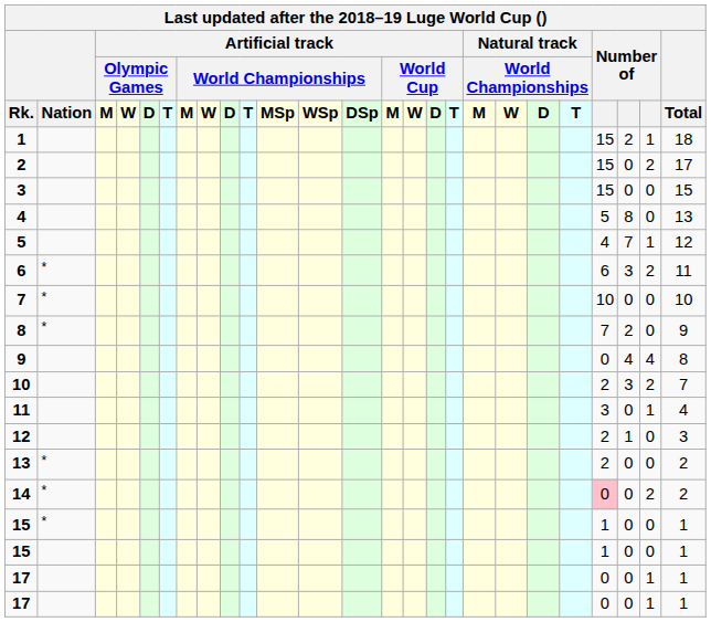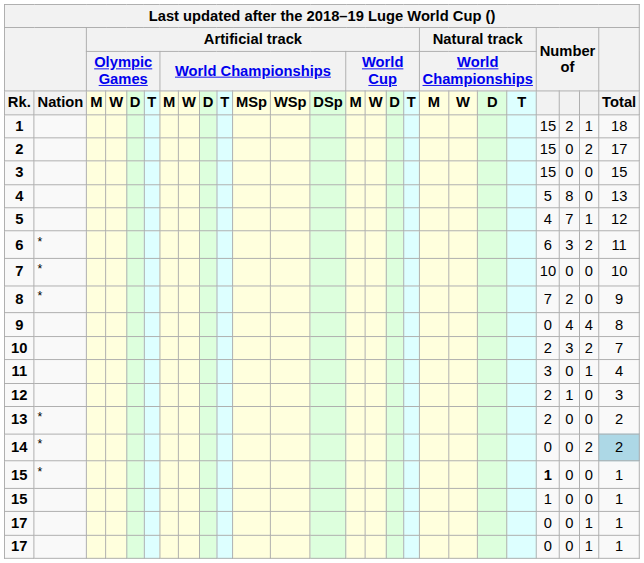 <table class="wikitable" style="margin-top: 0em; text-align: center; font-size: 100%;">
 <tr>
 <th colspan="25">Last updated after the 2018–19 Luge World Cup ()</th>
 </tr>
 <tr>
 <th rowspan="2" colspan="2"></th>
 <th colspan="15">Artificial track</th>
 <th colspan="4">Natural track</th>
 <th rowspan="2" colspan="3">Number of</th>
 <th rowspan="2"></th>
 </tr>
 <tr>
 <th colspan="4"><a href='#'>Olympic Games</a></th>
 <th colspan="7"><a href='#'>World Championships</a></th>
 <th colspan="4"><a href='#'>World Cup</a></th>
 <th colspan="4"><a href='#'>World Championships</a></th>
 </tr>
 <tr>
 <th style="width: 1em;">Rk.</th>
 <th>Nation</th>
 <th style="background: #ffd; width: 1em;">M</th>
 <th style="background: #ffd; width: 1em;">W</th>
 <th style="background: #dfd; width: 1em;">D</th>
 <th style="background: #dff; width: 1em;">T</th>
 <th style="background: #ffd; width: 1em;">M</th>
 <th style="background: #ffd; width: 1em;">W</th>
 <th style="background: #dfd; width: 1em;">D</th>
 <th style="background: #dff; width: 1em;">T</th>
 <th style="background: #ffd; width: 1em;">MSp</th>
 <th style="background: #ffd; width: 1em;">WSp</th>
 <th style="background: #dfd; width: 1em;">DSp</th>
 <th style="background: #ffd; width: 1em;">M</th>
 <th style="background: #ffd; width: 1em;">W</th>
 <th style="background: #dfd; width: 1em;">D</th>
 <th style="background: #dff; width: 1em;">T</th>
 <th style="background: #ffd; width: 1em;">M</th>
 <th style="background: #ffd; width: 1em;">W</th>
 <th style="background: #dfd; width: 1em;">D</th>
 <th style="background: #dff; width: 1em;">T</th>
 <th style="width: 1em;"></th>
 <th style="width: 1em;"></th>
 <th style="width: 1em;"></th>
 <th style="width: 1em;">Total</th>
 </tr>
 <tr>
 <td><strong>1</strong></td>
 <td style="text-align: left;"></td>
 <td style="background: #ffd;"></td>
 <td style="background: #ffd;"></td>
 <td style="background: #dfd;"></td>
 <td style="background: #dff;"></td>
 <td style="background: #ffd;"></td>
 <td style="background: #ffd;"></td>
 <td style="background: #dfd;"></td>
 <td style="background: #dff;"></td>
 <td style="background: #ffd;"></td>
 <td style="background: #ffd;"></td>
 <td style="background: #dfd;"></td>
 <td style="background: #ffd;"></td>
 <td style="background: #ffd;"></td>
 <td style="background: #dfd;"></td>
 <td style="background: #dff;"></td>
 <td style="background: #ffd;"></td>
 <td style="background: #ffd;"></td>
 <td style="background: #dfd;"></td>
 <td style="background: #dff;"></td>
 <td>15</td>
 <td>2</td>
 <td>1</td>
 <td>18</td>
 </tr>
 <tr>
 <td><strong>2</strong></td>
 <td style="text-align: left;"></td>
 <td style="background: #ffd;"></td>
 <td style="background: #ffd;"></td>
 <td style="background: #dfd;"></td>
 <td style="background: #dff;"></td>
 <td style="background: #ffd;"></td>
 <td style="background: #ffd;"></td>
 <td style="background: #dfd;"></td>
 <td style="background: #dff;"></td>
 <td style="background: #ffd;"></td>
 <td style="background: #ffd;"></td>
 <td style="background: #dfd;"></td>
 <td style="background: #ffd;"></td>
 <td style="background: #ffd;"></td>
 <td style="background: #dfd;"></td>
 <td style="background: #dff;"></td>
 <td style="background: #ffd;"></td>
 <td style="background: #ffd;"></td>
 <td style="background: #dfd;"></td>
 <td style="background: #dff;"></td>
 <td>15</td>
 <td>0</td>
 <td>2</td>
 <td>17</td>
 </tr>
 <tr>
 <td><strong>3</strong></td>
 <td style="text-align: left;"></td>
 <td style="background: #ffd;"></td>
 <td style="background: #ffd;"></td>
 <td style="background: #dfd;"></td>
 <td style="background: #dff;"></td>
 <td style="background: #ffd;"></td>
 <td style="background: #ffd;"></td>
 <td style="background: #dfd;"></td>
 <td style="background: #dff;"></td>
 <td style="background: #ffd;"></td>
 <td style="background: #ffd;"></td>
 <td style="background: #dfd;"></td>
 <td style="background: #ffd;"></td>
 <td style="background: #ffd;"></td>
 <td style="background: #dfd;"></td>
 <td style="background: #dff;"></td>
 <td style="background: #ffd;"></td>
 <td style="background: #ffd;"></td>
 <td style="background: #dfd;"></td>
 <td style="background: #dff;"></td>
 <td>15</td>
 <td>0</td>
 <td>0</td>
 <td>15</td>
 </tr>
 <tr>
 <td><strong>4</strong></td>
 <td style="text-align: left;"></td>
 <td style="background: #ffd;"></td>
 <td style="background: #ffd;"></td>
 <td style="background: #dfd;"></td>
 <td style="background: #dff;"></td>
 <td style="background: #ffd;"></td>
 <td style="background: #ffd;"></td>
 <td style="background: #dfd;"></td>
 <td style="background: #dff;"></td>
 <td style="background: #ffd;"></td>
 <td style="background: #ffd;"></td>
 <td style="background: #dfd;"></td>
 <td style="background: #ffd;"></td>
 <td style="background: #ffd;"></td>
 <td style="background: #dfd;"></td>
 <td style="background: #dff;"></td>
 <td style="background: #ffd;"></td>
 <td style="background: #ffd;"></td>
 <td style="background: #dfd;"></td>
 <td style="background: #dff;"></td>
 <td>5</td>
 <td>8</td>
 <td>0</td>
 <td>13</td>
 </tr>
 <tr>
 <td><strong>5</strong></td>
 <td style="text-align: left;"></td>
 <td style="background: #ffd;"></td>
 <td style="background: #ffd;"></td>
 <td style="background: #dfd;"></td>
 <td style="background: #dff;"></td>
 <td style="background: #ffd;"></td>
 <td style="background: #ffd;"></td>
 <td style="background: #dfd;"></td>
 <td style="background: #dff;"></td>
 <td style="background: #ffd;"></td>
 <td style="background: #ffd;"></td>
 <td style="background: #dfd;"></td>
 <td style="background: #ffd;"></td>
 <td style="background: #ffd;"></td>
 <td style="background: #dfd;"></td>
 <td style="background: #dff;"></td>
 <td style="background: #ffd;"></td>
 <td style="background: #ffd;"></td>
 <td style="background: #dfd;"></td>
 <td style="background: #dff;"></td>
 <td>4</td>
 <td>7</td>
 <td>1</td>
 <td>12</td>
 </tr>
 <tr>
 <td><strong>6</strong></td>
 <td style="text-align: left;"><em></em><sup>*</sup></td>
 <td style="background: #ffd;"></td>
 <td style="background: #ffd;"></td>
 <td style="background: #dfd;"></td>
 <td style="background: #dff;"></td>
 <td style="background: #ffd;"></td>
 <td style="background: #ffd;"></td>
 <td style="background: #dfd;"></td>
 <td style="background: #dff;"></td>
 <td style="background: #ffd;"></td>
 <td style="background: #ffd;"></td>
 <td style="background: #dfd;"></td>
 <td style="background: #ffd;"></td>
 <td style="background: #ffd;"></td>
 <td style="background: #dfd;"></td>
 <td style="background: #dff;"></td>
 <td style="background: #ffd;"></td>
 <td style="background: #ffd;"></td>
 <td style="background: #dfd;"></td>
 <td style="background: #dff;"></td>
 <td>6</td>
 <td>3</td>
 <td>2</td>
 <td>11</td>
 </tr>
 <tr>
 <td><strong>7</strong></td>
 <td style="text-align: left;"><em></em><sup>*</sup></td>
 <td style="background: #ffd;"></td>
 <td style="background: #ffd;"></td>
 <td style="background: #dfd;"></td>
 <td style="background: #dff;"></td>
 <td style="background: #ffd;"></td>
 <td style="background: #ffd;"></td>
 <td style="background: #dfd;"></td>
 <td style="background: #dff;"></td>
 <td style="background: #ffd;"></td>
 <td style="background: #ffd;"></td>
 <td style="background: #dfd;"></td>
 <td style="background: #ffd;"></td>
 <td style="background: #ffd;"></td>
 <td style="background: #dfd;"></td>
 <td style="background: #dff;"></td>
 <td style="background: #ffd;"></td>
 <td style="background: #ffd;"></td>
 <td style="background: #dfd;"></td>
 <td style="background: #dff;"></td>
 <td>10</td>
 <td>0</td>
 <td>0</td>
 <td>10</td>
 </tr>
 <tr>
 <td><strong>8</strong></td>
 <td style="text-align: left;"><em></em><sup>*</sup></td>
 <td style="background: #ffd;"></td>
 <td style="background: #ffd;"></td>
 <td style="background: #dfd;"></td>
 <td style="background: #dff;"></td>
 <td style="background: #ffd;"></td>
 <td style="background: #ffd;"></td>
 <td style="background: #dfd;"></td>
 <td style="background: #dff;"></td>
 <td style="background: #ffd;"></td>
 <td style="background: #ffd;"></td>
 <td style="background: #dfd;"></td>
 <td style="background: #ffd;"></td>
 <td style="background: #ffd;"></td>
 <td style="background: #dfd;"></td>
 <td style="background: #dff;"></td>
 <td style="background: #ffd;"></td>
 <td style="background: #ffd;"></td>
 <td style="background: #dfd;"></td>
 <td style="background: #dff;"></td>
 <td>7</td>
 <td>2</td>
 <td>0</td>
 <td>9</td>
 </tr>
 <tr>
 <td><strong>9</strong></td>
 <td style="text-align: left;"></td>
 <td style="background: #ffd;"></td>
 <td style="background: #ffd;"></td>
 <td style="background: #dfd;"></td>
 <td style="background: #dff;"></td>
 <td style="background: #ffd;"></td>
 <td style="background: #ffd;"></td>
 <td style="background: #dfd;"></td>
 <td style="background: #dff;"></td>
 <td style="background: #ffd;"></td>
 <td style="background: #ffd;"></td>
 <td style="background: #dfd;"></td>
 <td style="background: #ffd;"></td>
 <td style="background: #ffd;"></td>
 <td style="background: #dfd;"></td>
 <td style="background: #dff;"></td>
 <td style="background: #ffd;"></td>
 <td style="background: #ffd;"></td>
 <td style="background: #dfd;"></td>
 <td style="background: #dff;"></td>
 <td>0</td>
 <td>4</td>
 <td>4</td>
 <td>8</td>
 </tr>
 <tr>
 <td><strong>10</strong></td>
 <td style="text-align: left;"></td>
 <td style="background: #ffd;"></td>
 <td style="background: #ffd;"></td>
 <td style="background: #dfd;"></td>
 <td style="background: #dff;"></td>
 <td style="background: #ffd;"></td>
 <td style="background: #ffd;"></td>
 <td style="background: #dfd;"></td>
 <td style="background: #dff;"></td>
 <td style="background: #ffd;"></td>
 <td style="background: #ffd;"></td>
 <td style="background: #dfd;"></td>
 <td style="background: #ffd;"></td>
 <td style="background: #ffd;"></td>
 <td style="background: #dfd;"></td>
 <td style="background: #dff;"></td>
 <td style="background: #ffd;"></td>
 <td style="background: #ffd;"></td>
 <td style="background: #dfd;"></td>
 <td style="background: #dff;"></td>
 <td>2</td>
 <td>3</td>
 <td>2</td>
 <td>7</td>
 </tr>
 <tr>
 <td><strong>11</strong></td>
 <td style="text-align: left;"></td>
 <td style="background: #ffd;"></td>
 <td style="background: #ffd;"></td>
 <td style="background: #dfd;"></td>
 <td style="background: #dff;"></td>
 <td style="background: #ffd;"></td>
 <td style="background: #ffd;"></td>
 <td style="background: #dfd;"></td>
 <td style="background: #dff;"></td>
 <td style="background: #ffd;"></td>
 <td style="background: #ffd;"></td>
 <td style="background: #dfd;"></td>
 <td style="background: #ffd;"></td>
 <td style="background: #ffd;"></td>
 <td style="background: #dfd;"></td>
 <td style="background: #dff;"></td>
 <td style="background: #ffd;"></td>
 <td style="background: #ffd;"></td>
 <td style="background: #dfd;"></td>
 <td style="background: #dff;"></td>
 <td>3</td>
 <td>0</td>
 <td>1</td>
 <td>4</td>
 </tr>
 <tr>
 <td><strong>12</strong></td>
 <td style="text-align: left;"></td>
 <td style="background: #ffd;"></td>
 <td style="background: #ffd;"></td>
 <td style="background: #dfd;"></td>
 <td style="background: #dff;"></td>
 <td style="background: #ffd;"></td>
 <td style="background: #ffd;"></td>
 <td style="background: #dfd;"></td>
 <td style="background: #dff;"></td>
 <td style="background: #ffd;"></td>
 <td style="background: #ffd;"></td>
 <td style="background: #dfd;"></td>
 <td style="background: #ffd;"></td>
 <td style="background: #ffd;"></td>
 <td style="background: #dfd;"></td>
 <td style="background: #dff;"></td>
 <td style="background: #ffd;"></td>
 <td style="background: #ffd;"></td>
 <td style="background: #dfd;"></td>
 <td style="background: #dff;"></td>
 <td>2</td>
 <td>1</td>
 <td>0</td>
 <td>3</td>
 </tr>
 <tr>
 <td><strong>13</strong></td>
 <td style="text-align: left;"><em></em><sup>*</sup></td>
 <td style="background: #ffd;"></td>
 <td style="background: #ffd;"></td>
 <td style="background: #dfd;"></td>
 <td style="background: #dff;"></td>
 <td style="background: #ffd;"></td>
 <td style="background: #ffd;"></td>
 <td style="background: #dfd;"></td>
 <td style="background: #dff;"></td>
 <td style="background: #ffd;"></td>
 <td style="background: #ffd;"></td>
 <td style="background: #dfd;"></td>
 <td style="background: #ffd;"></td>
 <td style="background: #ffd;"></td>
 <td style="background: #dfd;"></td>
 <td style="background: #dff;"></td>
 <td style="background: #ffd;"></td>
 <td style="background: #ffd;"></td>
 <td style="background: #dfd;"></td>
 <td style="background: #dff;"></td>
 <td>2</td>
 <td>0</td>
 <td>0</td>
 <td>2</td>
 </tr>
 <tr>
 <td><strong>14</strong></td>
 <td style="text-align: left;"><em></em><sup>*</sup></td>
 <td style="background: #ffd;"></td>
 <td style="background: #ffd;"></td>
 <td style="background: #dfd;"></td>
 <td style="background: #dff;"></td>
 <td style="background: #ffd;"></td>
 <td style="background: #ffd;"></td>
 <td style="background: #dfd;"></td>
 <td style="background: #dff;"></td>
 <td style="background: #ffd;"></td>
 <td style="background: #ffd;"></td>
 <td style="background: #dfd;"></td>
 <td style="background: #ffd;"></td>
 <td style="background: #ffd;"></td>
 <td style="background: #dfd;"></td>
 <td style="background: #dff;"></td>
 <td style="background: #ffd;"></td>
 <td style="background: #ffd;"></td>
 <td style="background: #dfd;"></td>
 <td style="background: #dff;"></td>
-<td style="background: pink;">0</td>
+<td>0</td>
 <td>0</td>
 <td>2</td>
-<td>2</td>
+<td style="background: lightblue;">2</td>
 </tr>
 <tr>
 <td><strong>15</strong></td>
 <td style="text-align: left;"><em></em><sup>*</sup></td>
 <td style="background: #ffd;"></td>
 <td style="background: #ffd;"></td>
 <td style="background: #dfd;"></td>
 <td style="background: #dff;"></td>
 <td style="background: #ffd;"></td>
 <td style="background: #ffd;"></td>
 <td style="background: #dfd;"></td>
 <td style="background: #dff;"></td>
 <td style="background: #ffd;"></td>
 <td style="background: #ffd;"></td>
 <td style="background: #dfd;"></td>
 <td style="background: #ffd;"></td>
 <td style="background: #ffd;"></td>
 <td style="background: #dfd;"></td>
 <td style="background: #dff;"></td>
 <td style="background: #ffd;"></td>
 <td style="background: #ffd;"></td>
 <td style="background: #dfd;"></td>
 <td style="background: #dff;"></td>
-<td>1</td>
+<td><strong>1</strong></td>
 <td>0</td>
 <td>0</td>
 <td>1</td>
 </tr>
 <tr>
 <td><strong>15</strong></td>
 <td style="text-align: left;"></td>
 <td style="background: #ffd;"></td>
 <td style="background: #ffd;"></td>
 <td style="background: #dfd;"></td>
 <td style="background: #dff;"></td>
 <td style="background: #ffd;"></td>
 <td style="background: #ffd;"></td>
 <td style="background: #dfd;"></td>
 <td style="background: #dff;"></td>
 <td style="background: #ffd;"></td>
 <td style="background: #ffd;"></td>
 <td style="background: #dfd;"></td>
 <td style="background: #ffd;"></td>
 <td style="background: #ffd;"></td>
 <td style="background: #dfd;"></td>
 <td style="background: #dff;"></td>
 <td style="background: #ffd;"></td>
 <td style="background: #ffd;"></td>
 <td style="background: #dfd;"></td>
 <td style="background: #dff;"></td>
 <td>1</td>
 <td>0</td>
 <td>0</td>
 <td>1</td>
 </tr>
 <tr>
 <td><strong>17</strong></td>
 <td style="text-align: left;"></td>
 <td style="background: #ffd;"></td>
 <td style="background: #ffd;"></td>
 <td style="background: #dfd;"></td>
 <td style="background: #dff;"></td>
 <td style="background: #ffd;"></td>
 <td style="background: #ffd;"></td>
 <td style="background: #dfd;"></td>
 <td style="background: #dff;"></td>
 <td style="background: #ffd;"></td>
 <td style="background: #ffd;"></td>
 <td style="background: #dfd;"></td>
 <td style="background: #ffd;"></td>
 <td style="background: #ffd;"></td>
 <td style="background: #dfd;"></td>
 <td style="background: #dff;"></td>
 <td style="background: #ffd;"></td>
 <td style="background: #ffd;"></td>
 <td style="background: #dfd;"></td>
 <td style="background: #dff;"></td>
 <td>0</td>
 <td>0</td>
 <td>1</td>
 <td>1</td>
 </tr>
 <tr>
 <td><strong>17</strong></td>
 <td style="text-align: left;"></td>
 <td style="background: #ffd;"></td>
 <td style="background: #ffd;"></td>
 <td style="background: #dfd;"></td>
 <td style="background: #dff;"></td>
 <td style="background: #ffd;"></td>
 <td style="background: #ffd;"></td>
 <td style="background: #dfd;"></td>
 <td style="background: #dff;"></td>
 <td style="background: #ffd;"></td>
 <td style="background: #ffd;"></td>
 <td style="background: #dfd;"></td>
 <td style="background: #ffd;"></td>
 <td style="background: #ffd;"></td>
 <td style="background: #dfd;"></td>
 <td style="background: #dff;"></td>
 <td style="background: #ffd;"></td>
 <td style="background: #ffd;"></td>
 <td style="background: #dfd;"></td>
 <td style="background: #dff;"></td>
 <td>0</td>
 <td>0</td>
 <td>1</td>
 <td>1</td>
 </tr>
 </table>
